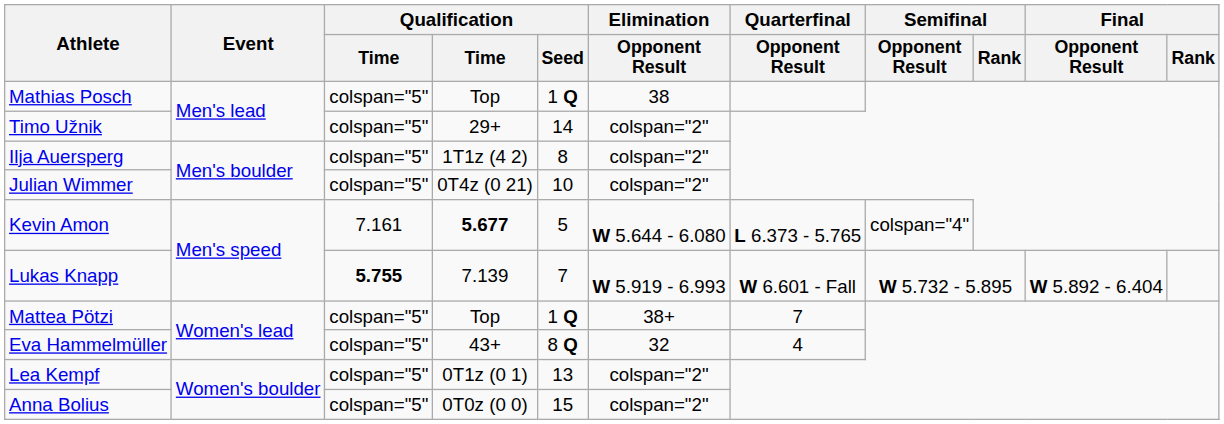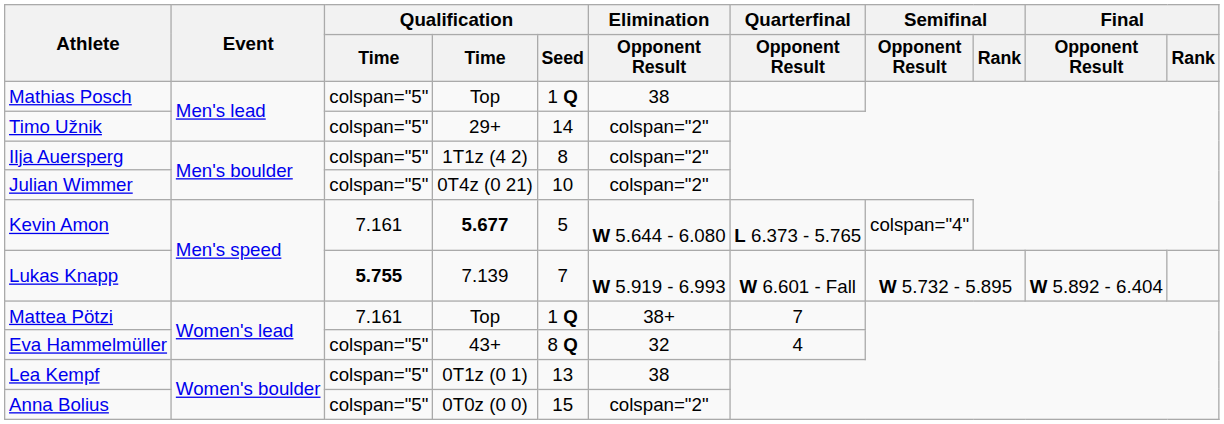 <table class="wikitable" style="text-align:center; font-size:90%">
 <tr>
 <th rowspan="2">Athlete</th>
 <th rowspan="2">Event</th>
 <th colspan="3">Qualification</th>
 <th>Elimination</th>
 <th>Quarterfinal</th>
 <th colspan="2">Semifinal</th>
 <th colspan="2">Final</th>
 </tr>
 <tr style="font-size:95%">
 <th>Time</th>
 <th>Time</th>
 <th>Seed</th>
 <th>Opponent<br>Result</th>
 <th>Opponent<br>Result</th>
 <th>Opponent<br>Result</th>
 <th>Rank</th>
 <th>Opponent<br>Result</th>
 <th>Rank</th>
 </tr>
 <tr>
 <td align="left"><a href='#'>Mathias Posch</a></td>
 <td align="left" rowspan="2"><a href='#'>Men's lead</a></td>
 <td>colspan="5" </td>
 <td>Top</td>
 <td>1 <strong>Q</strong></td>
 <td>38</td>
 <td></td>
 </tr>
 <tr>
 <td align="left"><a href='#'>Timo Užnik</a></td>
 <td>colspan="5" </td>
 <td>29+</td>
 <td>14</td>
 <td>colspan="2" </td>
 </tr>
 <tr>
 <td align="left"><a href='#'>Ilja Auersperg</a></td>
 <td align="left" rowspan="2"><a href='#'>Men's boulder</a></td>
 <td>colspan="5" </td>
 <td>1T1z (4 2)</td>
 <td>8</td>
 <td>colspan="2" </td>
 </tr>
 <tr>
 <td align="left"><a href='#'>Julian Wimmer</a></td>
 <td>colspan="5" </td>
 <td>0T4z (0 21)</td>
 <td>10</td>
 <td>colspan="2" </td>
 </tr>
 <tr>
 <td align="left"><a href='#'>Kevin Amon</a></td>
 <td align="left" rowspan="2"><a href='#'>Men's speed</a></td>
 <td>7.161</td>
 <td><strong>5.677</strong></td>
 <td>5</td>
 <td><br><strong>W</strong> 5.644 - 6.080</td>
 <td><br><strong>L</strong> 6.373 - 5.765</td>
 <td>colspan="4" </td>
 </tr>
 <tr>
 <td align="left"><a href='#'>Lukas Knapp</a></td>
 <td><strong>5.755</strong></td>
 <td>7.139</td>
 <td>7</td>
 <td><br><strong>W</strong> 5.919 - 6.993</td>
 <td><br><strong>W</strong> 6.601 - Fall</td>
 <td colspan="2"><br><strong>W</strong> 5.732 - 5.895</td>
 <td><br><strong>W</strong> 5.892 - 6.404</td>
 <td></td>
 </tr>
 <tr>
 <td align="left"><a href='#'>Mattea Pötzi</a></td>
 <td align="left" rowspan="2"><a href='#'>Women's lead</a></td>
-<td>colspan="5" </td>
+<td>7.161</td>
 <td>Top</td>
 <td>1 <strong>Q</strong></td>
 <td>38+</td>
 <td>7</td>
 </tr>
 <tr>
 <td align="left"><a href='#'>Eva Hammelmüller</a></td>
 <td>colspan="5" </td>
 <td>43+</td>
 <td>8 <strong>Q</strong></td>
 <td>32</td>
 <td>4</td>
 </tr>
 <tr>
 <td align="left"><a href='#'>Lea Kempf</a></td>
 <td align="left" rowspan="2"><a href='#'>Women's boulder</a></td>
 <td>colspan="5" </td>
 <td>0T1z (0 1)</td>
 <td>13</td>
-<td>colspan="2" </td>
+<td>38</td>
 </tr>
 <tr>
 <td align="left"><a href='#'>Anna Bolius</a></td>
 <td>colspan="5" </td>
 <td>0T0z (0 0)</td>
 <td>15</td>
 <td>colspan="2" </td>
 </tr>
 </table>
